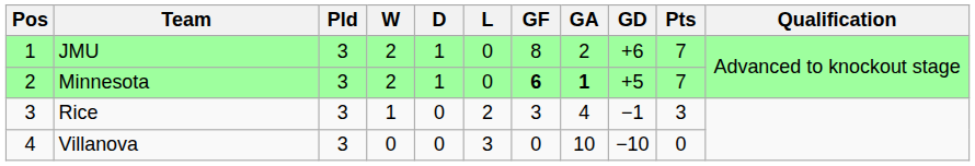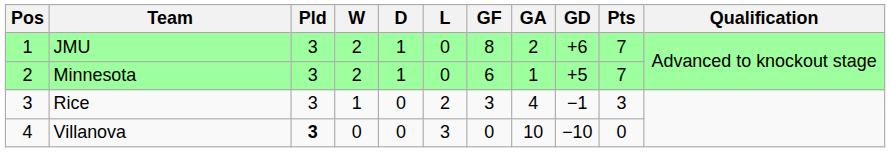 <table class="wikitable" style="text-align:center; margin: 1em auto">
 <tr>
 <th style="width:2em">Pos</th>
 <th style="width:13em">Team</th>
 <th style="width:2em">Pld</th>
 <th style="width:2em">W</th>
 <th style="width:2em">D</th>
 <th style="width:2em">L</th>
 <th style="width:2em">GF</th>
 <th style="width:2em">GA</th>
 <th style="width:2em">GD</th>
 <th style="width:2em">Pts</th>
 <th style="width:13em">Qualification</th>
 </tr>
 <tr bgcolor="#9eff9e">
 <td>1</td>
 <td style="text-align:left">JMU</td>
 <td>3</td>
 <td>2</td>
 <td>1</td>
 <td>0</td>
 <td>8</td>
 <td>2</td>
 <td>+6</td>
 <td>7</td>
 <td rowspan="2">Advanced to knockout stage</td>
 </tr>
 <tr bgcolor="#9eff9e">
 <td>2</td>
 <td style="text-align:left">Minnesota</td>
 <td>3</td>
 <td>2</td>
 <td>1</td>
 <td>0</td>
-<td><strong>6</strong></td>
-<td><strong>1</strong></td>
+<td>6</td>
+<td>1</td>
 <td>+5</td>
 <td>7</td>
 </tr>
 <tr>
 <td>3</td>
 <td style="text-align:left">Rice</td>
 <td>3</td>
 <td>1</td>
 <td>0</td>
 <td>2</td>
 <td>3</td>
 <td>4</td>
 <td>−1</td>
 <td>3</td>
 </tr>
 <tr>
 <td>4</td>
 <td style="text-align:left">Villanova</td>
-<td>3</td>
+<td><strong>3</strong></td>
 <td>0</td>
 <td>0</td>
 <td>3</td>
 <td>0</td>
 <td>10</td>
 <td>−10</td>
 <td>0</td>
 </tr>
 </table>
